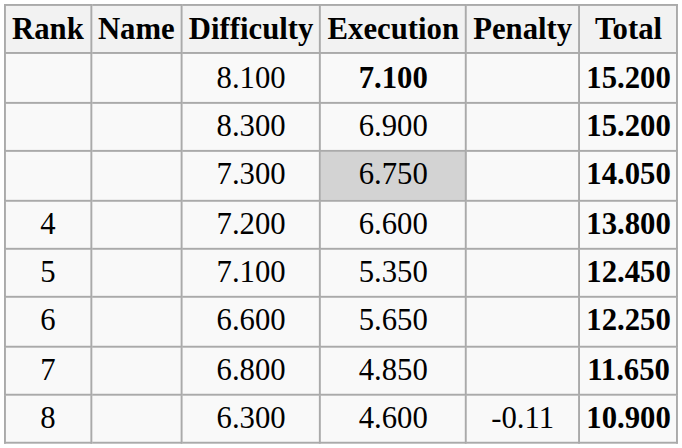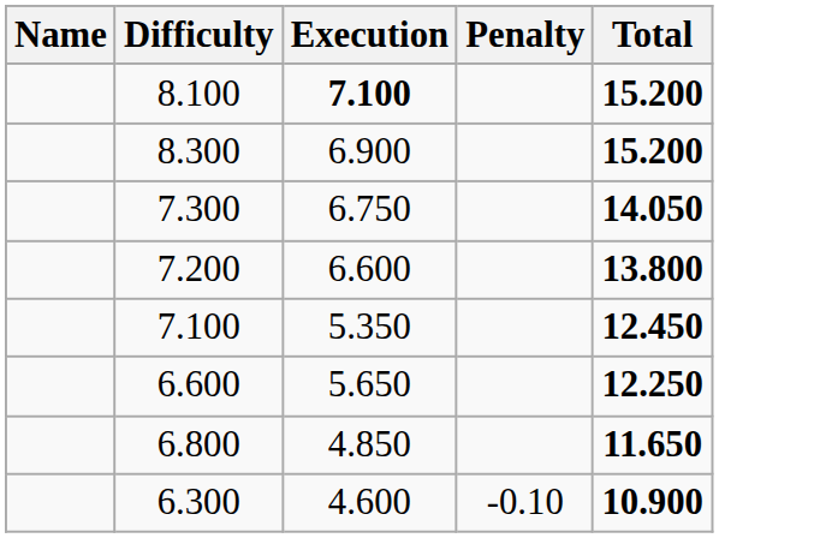 <table class="wikitable sortable" style="text-align:center">
 <tr>
-<th>Rank</th>
 <th>Name</th>
 <th>Difficulty</th>
 <th>Execution</th>
 <th>Penalty</th>
 <th>Total</th>
 </tr>
 <tr>
-<td></td>
 <td align="left"></td>
 <td>8.100</td>
 <td><strong>7.100</strong></td>
 <td></td>
 <td><strong>15.200</strong></td>
 </tr>
 <tr>
-<td></td>
 <td align="left"></td>
 <td>8.300</td>
 <td>6.900</td>
 <td></td>
 <td><strong>15.200</strong></td>
 </tr>
 <tr>
-<td></td>
 <td align="left"></td>
 <td>7.300</td>
-<td style="background: lightgrey;">6.750</td>
+<td>6.750</td>
 <td></td>
 <td><strong>14.050</strong></td>
 </tr>
 <tr>
-<td>4</td>
 <td align="left"></td>
 <td>7.200</td>
 <td>6.600</td>
 <td></td>
 <td><strong>13.800</strong></td>
 </tr>
 <tr>
-<td>5</td>
 <td align="left"></td>
 <td>7.100</td>
 <td>5.350</td>
 <td></td>
 <td><strong>12.450</strong></td>
 </tr>
 <tr>
-<td>6</td>
 <td align="left"></td>
 <td>6.600</td>
 <td>5.650</td>
 <td></td>
 <td><strong>12.250</strong></td>
 </tr>
 <tr>
-<td>7</td>
 <td align="left"></td>
 <td>6.800</td>
 <td>4.850</td>
 <td></td>
 <td><strong>11.650</strong></td>
 </tr>
 <tr>
-<td>8</td>
 <td align="left"></td>
 <td>6.300</td>
 <td>4.600</td>
-<td>-0.11</td>
+<td>-0.10</td>
 <td><strong>10.900</strong></td>
 </tr>
 </table>
